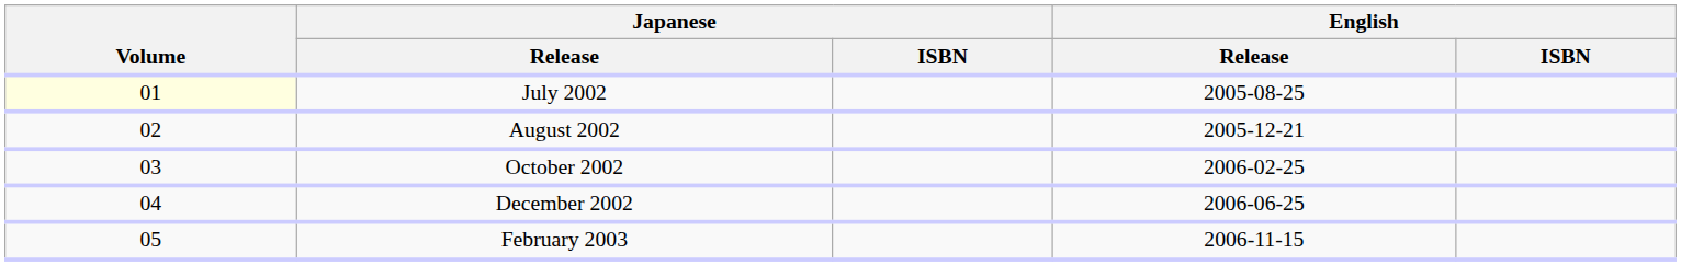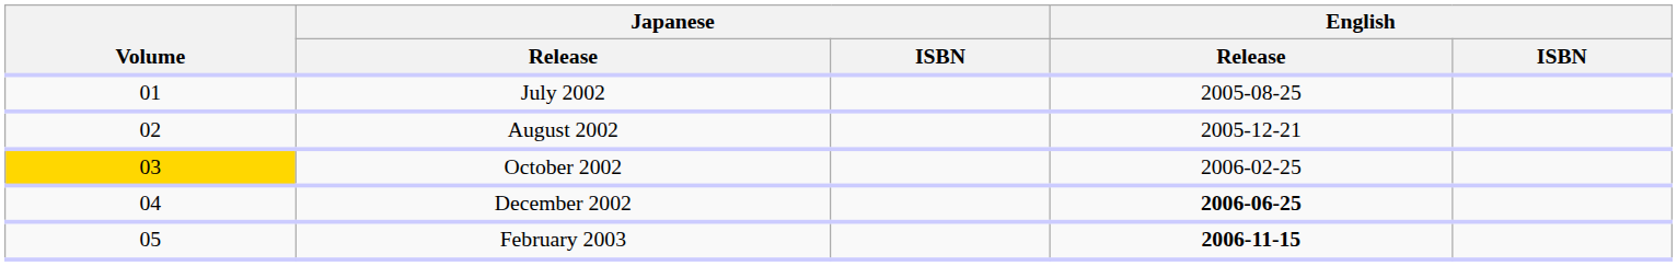 <table class="wikitable" width="98%">
 <tr valign="bottom">
 <th rowspan=2>Volume</th>
 <th colspan = 2>Japanese</th>
 <th colspan = 3>English</th>
 </tr>
 <tr style="border-bottom:3px solid #CCF">
 <th>Release</th>
 <th>ISBN</th>
 <th>Release</th>
 <th>ISBN</th>
 </tr>
 <tr ="#F2F2F2" align="center" style="border-bottom:3px solid #CCF">
-<td style="background: lightyellow;">01</td>
+<td>01</td>
 <td>July 2002</td>
 <td></td>
 <td>2005-08-25</td>
 <td></td>
 </tr>
 <tr ="#F2F2F2" align="center" style="border-bottom:3px solid #CCF">
 <td>02</td>
 <td>August 2002</td>
 <td></td>
 <td>2005-12-21</td>
 <td></td>
 </tr>
 <tr ="#F2F2F2" align="center" style="border-bottom:3px solid #CCF">
-<td>03</td>
+<td style="background: gold;">03</td>
 <td>October 2002</td>
 <td></td>
 <td>2006-02-25</td>
 <td></td>
 </tr>
 <tr ="#F2F2F2" align="center" style="border-bottom:3px solid #CCF">
 <td>04</td>
 <td>December 2002</td>
 <td></td>
-<td>2006-06-25</td>
+<td><strong>2006-06-25</strong></td>
 <td></td>
 </tr>
 <tr ="#F2F2F2" align="center" style="border-bottom:3px solid #CCF">
 <td>05</td>
 <td>February 2003</td>
 <td></td>
-<td>2006-11-15</td>
+<td><strong>2006-11-15</strong></td>
 <td></td>
 </tr>
 </table>
